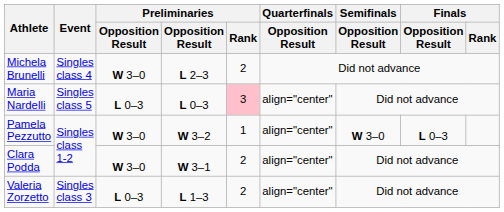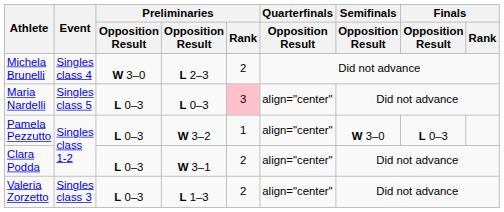 <table class=wikitable>
 <tr>
 <th rowspan="2">Athlete</th>
 <th rowspan="2">Event</th>
 <th colspan="3">Preliminaries</th>
 <th>Quarterfinals</th>
 <th>Semifinals</th>
 <th colspan="2">Finals</th>
 </tr>
 <tr>
 <th>Opposition<br>Result</th>
 <th>Opposition<br>Result</th>
 <th>Rank</th>
 <th>Opposition<br>Result</th>
 <th>Opposition<br>Result</th>
 <th>Opposition<br>Result</th>
 <th>Rank</th>
 </tr>
 <tr>
 <td><a href='#'>Michela Brunelli</a></td>
 <td><a href='#'>Singles class 4</a></td>
 <td align="center"><br><strong>W</strong> 3–0</td>
 <td align="center"><br><strong>L</strong> 2–3</td>
 <td align="center">2</td>
 <td align="center" colspan="4">Did not advance</td>
 </tr>
 <tr>
 <td><a href='#'>Maria Nardelli</a></td>
 <td><a href='#'>Singles class 5</a></td>
 <td align="center"><br><strong>L</strong> 0–3</td>
 <td align="center"><br><strong>L</strong> 0–3</td>
 <td align="center" style="background: pink;">3</td>
 <td>align="center" </td>
 <td align="center" colspan="3">Did not advance</td>
 </tr>
 <tr>
 <td><a href='#'>Pamela Pezzutto</a></td>
 <td rowspan="2"><a href='#'>Singles class 1-2</a></td>
-<td align="center"><br><strong>W</strong> 3–0</td>
+<td align="center"><br><strong>L</strong> 0–3</td>
 <td align="center"><br><strong>W</strong> 3–2</td>
 <td align="center">1</td>
 <td>align="center" </td>
 <td align="center"><br><strong>W</strong> 3–0</td>
 <td align="center"><br><strong>L</strong> 0–3</td>
 <td align="center"></td>
 </tr>
 <tr>
 <td><a href='#'>Clara Podda</a></td>
-<td align="center"><br><strong>W</strong> 3–0</td>
+<td align="center"><br><strong>L</strong> 0–3</td>
 <td align="center"><br><strong>W</strong> 3–1</td>
 <td align="center">2</td>
 <td>align="center" </td>
 <td align="center" colspan="3">Did not advance</td>
 </tr>
 <tr>
 <td><a href='#'>Valeria Zorzetto</a></td>
 <td><a href='#'>Singles class 3</a></td>
 <td align="center"><br><strong>L</strong> 0–3</td>
 <td align="center"><br><strong>L</strong> 1–3</td>
 <td align="center">2</td>
 <td>align="center" </td>
 <td align="center" colspan="3">Did not advance</td>
 </tr>
 </table>
